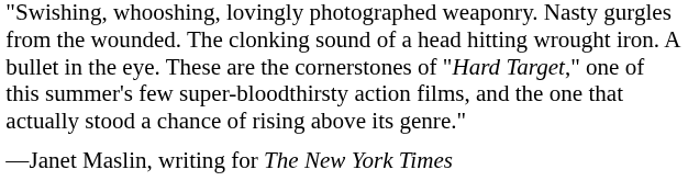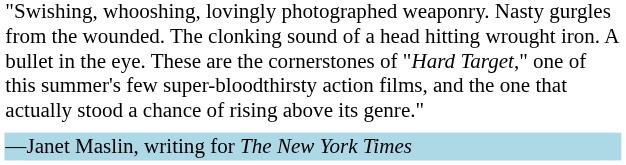 <table class="toccolours" style="float: left; margin-left: 1em; margin-right: 2em; font-size: 85%; width:30em; max-width: 40%;" cellspacing="5">
 <tr>
 <td style="text-align: left;">"Swishing, whooshing, lovingly photographed weaponry. Nasty gurgles from the wounded. The clonking sound of a head hitting wrought iron. A bullet in the eye. These are the cornerstones of "<em>Hard Target</em>," one of this summer's few super-bloodthirsty action films, and the one that actually stood a chance of rising above its genre."</td>
 </tr>
 <tr>
-<td style="text-align: left;">—Janet Maslin, writing for <em>The New York Times</em></td>
+<td style="background: lightblue; text-align: left;">—Janet Maslin, writing for <em>The New York Times</em></td>
 </tr>
 </table>
